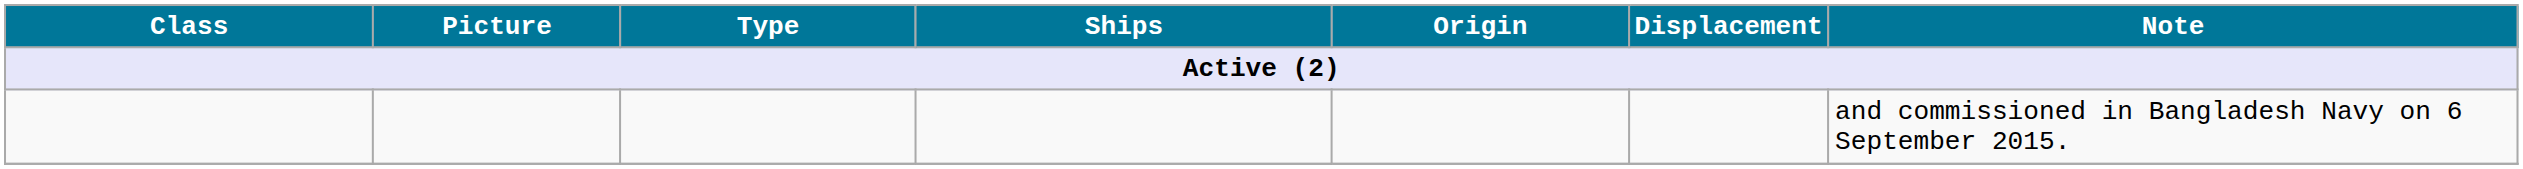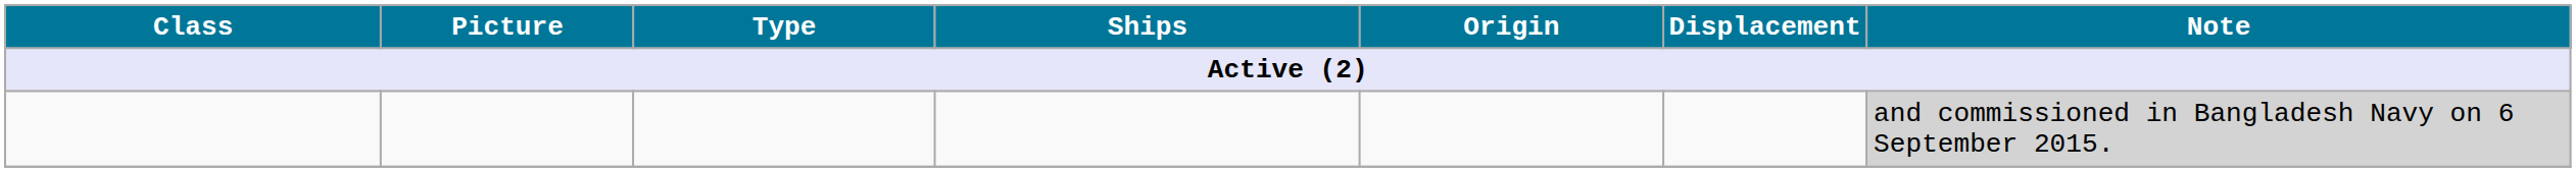 <table class="wikitable">
 <tr>
 <th style="color: white; background:#079; width:15%;">Class</th>
 <th style="color: white; background:#079; width:10%;">Picture</th>
 <th style="color: white; background:#079; width:12%;">Type</th>
 <th style="color: white; background:#079; width:17%;">Ships</th>
 <th style="color: white; background:#079; width:12%;">Origin</th>
 <th style="color: white; background:#079; width:6%;">Displacement</th>
 <th style="color: white; background:#079; width:28%;">Note</th>
 </tr>
 <tr>
 <th colspan="7" style="background: lavender;">Active (2)</th>
 </tr>
 <tr>
 <td></td>
 <td></td>
 <td></td>
 <td></td>
 <td></td>
 <td></td>
-<td> and commissioned in Bangladesh Navy on 6 September 2015.</td>
+<td style="background: lightgrey;"> and commissioned in Bangladesh Navy on 6 September 2015.</td>
 </tr>
 <tr>
 </tr>
 </table>
